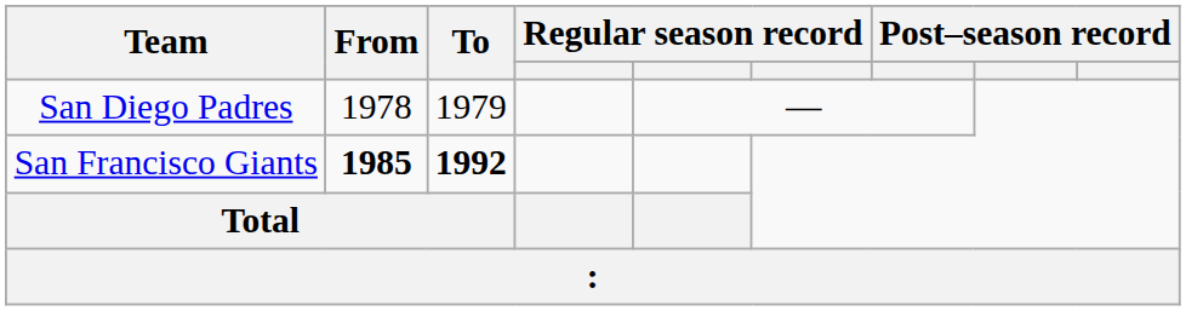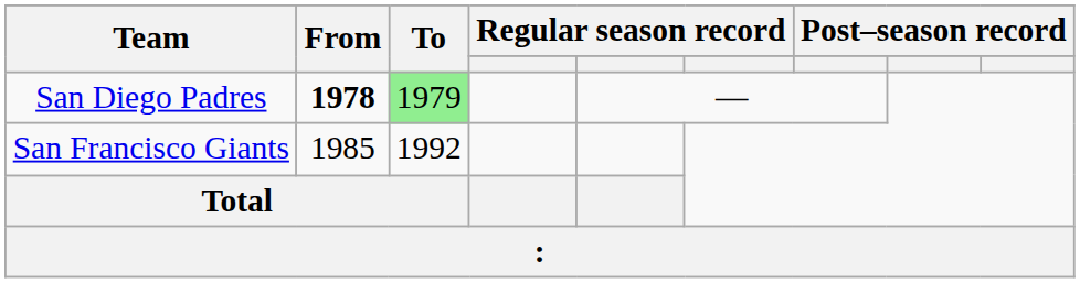 <table class="wikitable" Style="text-align: center">
 <tr>
 <th rowspan="2">Team</th>
 <th rowspan="2">From</th>
 <th rowspan="2">To</th>
 <th colspan="3">Regular season record</th>
 <th colspan="3">Post–season record</th>
 </tr>
 <tr>
 <th></th>
 <th></th>
 <th></th>
 <th></th>
 <th></th>
 <th></th>
 </tr>
 <tr>
 <td><a href='#'>San Diego Padres</a></td>
-<td>1978</td>
-<td>1979</td>
+<td><strong>1978</strong></td>
+<td style="background: lightgreen;">1979</td>
 <td></td>
 <td colspan="3">—</td>
 </tr>
 <tr>
 <td><a href='#'>San Francisco Giants</a></td>
-<td><strong>1985</strong></td>
-<td><strong>1992</strong></td>
+<td>1985</td>
+<td>1992</td>
 <td></td>
 <td></td>
 </tr>
 <tr>
 <th colspan="3">Total</th>
 <th></th>
 <th></th>
 </tr>
 <tr>
 <th colspan="9">:</th>
 </tr>
 </table>
